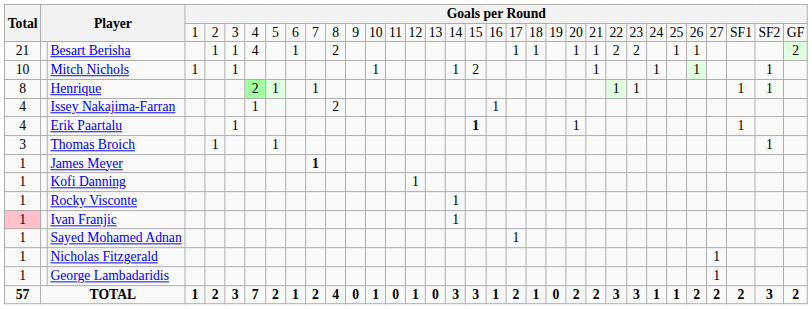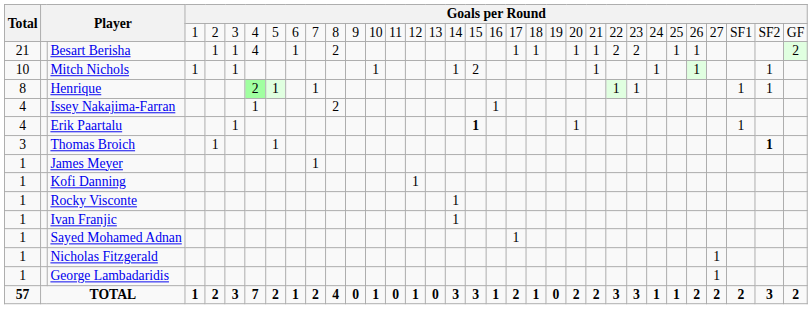 <table class="wikitable" style="text-align:center; line-height: 90%; font-size:90%;">
 <tr>
 <th rowspan="2">Total</th>
 <th rowspan="2" colspan="2">Player</th>
 <th colspan="34">Goals per Round</th>
 </tr>
 <tr>
 <td> 1 </td>
 <td> 2 </td>
 <td> 3 </td>
 <td> 4 </td>
 <td> 5 </td>
 <td> 6 </td>
 <td> 7 </td>
 <td> 8 </td>
 <td> 9 </td>
 <td>10</td>
 <td>11</td>
 <td>12</td>
 <td>13</td>
 <td>14</td>
 <td>15</td>
 <td>16</td>
 <td>17</td>
 <td>18</td>
 <td>19</td>
 <td>20</td>
 <td>21</td>
 <td>22</td>
 <td>23</td>
 <td>24</td>
 <td>25</td>
 <td>26</td>
 <td>27</td>
 <td>SF1</td>
 <td>SF2</td>
 <td>GF</td>
 </tr>
 <tr>
 <td>21</td>
 <td></td>
 <td style="text-align:left;"><a href='#'>Besart Berisha</a></td>
 <td></td>
 <td>1</td>
 <td>1</td>
 <td>4</td>
 <td></td>
 <td>1</td>
 <td></td>
 <td>2</td>
 <td></td>
 <td></td>
 <td></td>
 <td></td>
 <td></td>
 <td></td>
 <td></td>
 <td></td>
 <td>1</td>
 <td>1</td>
 <td></td>
 <td>1</td>
 <td>1</td>
 <td>2</td>
 <td>2</td>
 <td></td>
 <td>1</td>
 <td>1</td>
 <td></td>
 <td></td>
 <td></td>
 <td style="background:#e0ffe0;">2</td>
 </tr>
 <tr>
 <td>10</td>
 <td></td>
 <td style="text-align:left;"><a href='#'>Mitch Nichols</a></td>
 <td>1</td>
 <td></td>
 <td>1</td>
 <td></td>
 <td></td>
 <td></td>
 <td></td>
 <td></td>
 <td></td>
 <td>1</td>
 <td></td>
 <td></td>
 <td></td>
 <td>1</td>
 <td>2</td>
 <td></td>
 <td></td>
 <td></td>
 <td></td>
 <td></td>
 <td>1</td>
 <td></td>
 <td></td>
 <td>1</td>
 <td></td>
 <td style="background:#e0ffe0;">1</td>
 <td></td>
 <td></td>
 <td>1</td>
 <td></td>
 </tr>
 <tr>
 <td>8</td>
 <td></td>
 <td style="text-align:left;"><a href='#'>Henrique</a></td>
 <td></td>
 <td></td>
 <td></td>
 <td style="background:#a0ffa0;">2</td>
 <td style="background:#e0ffe0;">1</td>
 <td></td>
 <td>1</td>
 <td></td>
 <td></td>
 <td></td>
 <td></td>
 <td></td>
 <td></td>
 <td></td>
 <td></td>
 <td></td>
 <td></td>
 <td></td>
 <td></td>
 <td></td>
 <td></td>
 <td style="background:#e0ffe0;">1</td>
 <td>1</td>
 <td></td>
 <td></td>
 <td></td>
 <td></td>
 <td>1</td>
 <td>1</td>
 <td></td>
 </tr>
 <tr>
 <td>4</td>
 <td></td>
 <td style="text-align:left;"><a href='#'>Issey Nakajima-Farran</a></td>
 <td></td>
 <td></td>
 <td></td>
 <td>1</td>
 <td></td>
 <td></td>
 <td></td>
 <td>2</td>
 <td></td>
 <td></td>
 <td></td>
 <td></td>
 <td></td>
 <td></td>
 <td></td>
 <td>1</td>
 <td></td>
 <td></td>
 <td></td>
 <td></td>
 <td></td>
 <td></td>
 <td></td>
 <td></td>
 <td></td>
 <td></td>
 <td></td>
 <td></td>
 <td></td>
 <td></td>
 </tr>
 <tr>
 <td>4</td>
 <td></td>
 <td style="text-align:left;"><a href='#'>Erik Paartalu</a></td>
 <td></td>
 <td></td>
 <td>1</td>
 <td></td>
 <td></td>
 <td></td>
 <td></td>
 <td></td>
 <td></td>
 <td></td>
 <td></td>
 <td></td>
 <td></td>
 <td></td>
 <td><strong>1</strong></td>
 <td></td>
 <td></td>
 <td></td>
 <td></td>
 <td>1</td>
 <td></td>
 <td></td>
 <td></td>
 <td></td>
 <td></td>
 <td></td>
 <td></td>
 <td>1</td>
 <td></td>
 <td></td>
 </tr>
 <tr>
 <td>3</td>
 <td></td>
 <td style="text-align:left;"><a href='#'>Thomas Broich</a></td>
 <td></td>
 <td>1</td>
 <td></td>
 <td></td>
 <td>1</td>
 <td></td>
 <td></td>
 <td></td>
 <td></td>
 <td></td>
 <td></td>
 <td></td>
 <td></td>
 <td></td>
 <td></td>
 <td></td>
 <td></td>
 <td></td>
 <td></td>
 <td></td>
 <td></td>
 <td></td>
 <td></td>
 <td></td>
 <td></td>
 <td></td>
 <td></td>
 <td></td>
-<td>1</td>
+<td><strong>1</strong></td>
 <td></td>
 </tr>
 <tr>
 <td>1</td>
 <td></td>
 <td style="text-align:left;"><a href='#'>James Meyer</a></td>
 <td></td>
 <td></td>
 <td></td>
 <td></td>
 <td></td>
 <td></td>
-<td><strong>1</strong></td>
+<td>1</td>
 <td></td>
 <td></td>
 <td></td>
 <td></td>
 <td></td>
 <td></td>
 <td></td>
 <td></td>
 <td></td>
 <td></td>
 <td></td>
 <td></td>
 <td></td>
 <td></td>
 <td></td>
 <td></td>
 <td></td>
 <td></td>
 <td></td>
 <td></td>
 <td></td>
 <td></td>
 <td></td>
 </tr>
 <tr>
 <td>1</td>
 <td></td>
 <td style="text-align:left;"><a href='#'>Kofi Danning</a></td>
 <td></td>
 <td></td>
 <td></td>
 <td></td>
 <td></td>
 <td></td>
 <td></td>
 <td></td>
 <td></td>
 <td></td>
 <td></td>
 <td>1</td>
 <td></td>
 <td></td>
 <td></td>
 <td></td>
 <td></td>
 <td></td>
 <td></td>
 <td></td>
 <td></td>
 <td></td>
 <td></td>
 <td></td>
 <td></td>
 <td></td>
 <td></td>
 <td></td>
 <td></td>
 <td></td>
 </tr>
 <tr>
 <td>1</td>
 <td></td>
 <td style="text-align:left;"><a href='#'>Rocky Visconte</a></td>
 <td></td>
 <td></td>
 <td></td>
 <td></td>
 <td></td>
 <td></td>
 <td></td>
 <td></td>
 <td></td>
 <td></td>
 <td></td>
 <td></td>
 <td></td>
 <td>1</td>
 <td></td>
 <td></td>
 <td></td>
 <td></td>
 <td></td>
 <td></td>
 <td></td>
 <td></td>
 <td></td>
 <td></td>
 <td></td>
 <td></td>
 <td></td>
 <td></td>
 <td></td>
 <td></td>
 </tr>
 <tr>
-<td style="background: pink;">1</td>
+<td>1</td>
 <td></td>
 <td style="text-align:left;"><a href='#'>Ivan Franjic</a></td>
 <td></td>
 <td></td>
 <td></td>
 <td></td>
 <td></td>
 <td></td>
 <td></td>
 <td></td>
 <td></td>
 <td></td>
 <td></td>
 <td></td>
 <td></td>
 <td>1</td>
 <td></td>
 <td></td>
 <td></td>
 <td></td>
 <td></td>
 <td></td>
 <td></td>
 <td></td>
 <td></td>
 <td></td>
 <td></td>
 <td></td>
 <td></td>
 <td></td>
 <td></td>
 <td></td>
 </tr>
 <tr>
 <td>1</td>
 <td></td>
 <td style="text-align:left;"><a href='#'>Sayed Mohamed Adnan</a></td>
 <td></td>
 <td></td>
 <td></td>
 <td></td>
 <td></td>
 <td></td>
 <td></td>
 <td></td>
 <td></td>
 <td></td>
 <td></td>
 <td></td>
 <td></td>
 <td></td>
 <td></td>
 <td></td>
 <td>1</td>
 <td></td>
 <td></td>
 <td></td>
 <td></td>
 <td></td>
 <td></td>
 <td></td>
 <td></td>
 <td></td>
 <td></td>
 <td></td>
 <td></td>
 <td></td>
 </tr>
 <tr>
 <td>1</td>
 <td></td>
 <td style="text-align:left;"><a href='#'>Nicholas Fitzgerald</a></td>
 <td></td>
 <td></td>
 <td></td>
 <td></td>
 <td></td>
 <td></td>
 <td></td>
 <td></td>
 <td></td>
 <td></td>
 <td></td>
 <td></td>
 <td></td>
 <td></td>
 <td></td>
 <td></td>
 <td></td>
 <td></td>
 <td></td>
 <td></td>
 <td></td>
 <td></td>
 <td></td>
 <td></td>
 <td></td>
 <td></td>
 <td>1</td>
 <td></td>
 <td></td>
 <td></td>
 </tr>
 <tr>
 <td>1</td>
 <td></td>
 <td style="text-align:left;"><a href='#'>George Lambadaridis</a></td>
 <td></td>
 <td></td>
 <td></td>
 <td></td>
 <td></td>
 <td></td>
 <td></td>
 <td></td>
 <td></td>
 <td></td>
 <td></td>
 <td></td>
 <td></td>
 <td></td>
 <td></td>
 <td></td>
 <td></td>
 <td></td>
 <td></td>
 <td></td>
 <td></td>
 <td></td>
 <td></td>
 <td></td>
 <td></td>
 <td></td>
 <td>1</td>
 <td></td>
 <td></td>
 <td></td>
 </tr>
 <tr>
 <td><strong>57</strong></td>
 <td style="text-align:center;" colspan="2"><strong>TOTAL</strong></td>
 <td><strong>1</strong></td>
 <td><strong>2</strong></td>
 <td><strong>3</strong></td>
 <td><strong>7</strong></td>
 <td><strong>2</strong></td>
 <td><strong>1</strong></td>
 <td><strong>2</strong></td>
 <td><strong>4</strong></td>
 <td><strong>0</strong></td>
 <td><strong>1</strong></td>
 <td><strong>0</strong></td>
 <td><strong>1</strong></td>
 <td><strong>0</strong></td>
 <td><strong>3</strong></td>
 <td><strong>3</strong></td>
 <td><strong>1</strong></td>
 <td><strong>2</strong></td>
 <td><strong>1</strong></td>
 <td><strong>0</strong></td>
 <td><strong>2</strong></td>
 <td><strong>2</strong></td>
 <td><strong>3</strong></td>
 <td><strong>3</strong></td>
 <td><strong>1</strong></td>
 <td><strong>1</strong></td>
 <td><strong>2</strong></td>
 <td><strong>2</strong></td>
 <td><strong>2</strong></td>
 <td><strong>3</strong></td>
 <td><strong>2</strong></td>
 </tr>
 </table>
